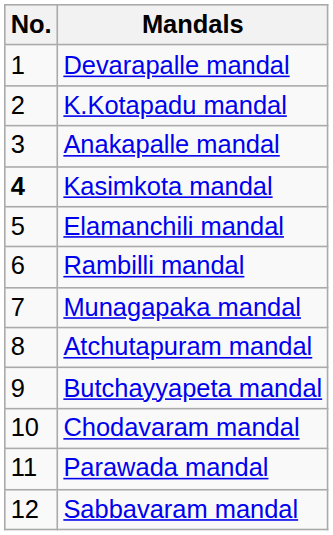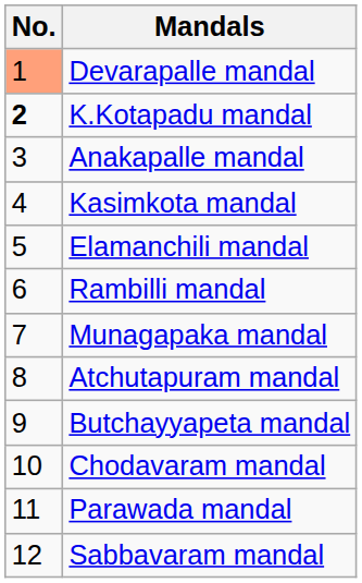 <table class="wikitable">
 <tr>
 <th>No.</th>
 <th>Mandals</th>
 </tr>
 <tr>
-<td>1</td>
+<td style="background: lightsalmon;">1</td>
 <td><a href='#'>Devarapalle mandal</a></td>
 </tr>
 <tr>
-<td>2</td>
+<td><strong>2</strong></td>
 <td><a href='#'>K.Kotapadu mandal</a></td>
 </tr>
 <tr>
 <td>3</td>
 <td><a href='#'>Anakapalle mandal</a></td>
 </tr>
 <tr>
-<td><strong>4</strong></td>
+<td>4</td>
 <td><a href='#'>Kasimkota mandal</a></td>
 </tr>
 <tr>
 <td>5</td>
 <td><a href='#'>Elamanchili mandal</a></td>
 </tr>
 <tr>
 <td>6</td>
 <td><a href='#'>Rambilli mandal</a></td>
 </tr>
 <tr>
 <td>7</td>
 <td><a href='#'>Munagapaka mandal</a></td>
 </tr>
 <tr>
 <td>8</td>
 <td><a href='#'>Atchutapuram mandal</a></td>
 </tr>
 <tr>
 <td>9</td>
 <td><a href='#'>Butchayyapeta mandal</a></td>
 </tr>
 <tr>
 <td>10</td>
 <td><a href='#'>Chodavaram mandal</a></td>
 </tr>
 <tr>
 <td>11</td>
 <td><a href='#'>Parawada mandal</a></td>
 </tr>
 <tr>
 <td>12</td>
 <td><a href='#'>Sabbavaram mandal</a></td>
 </tr>
 </table>
